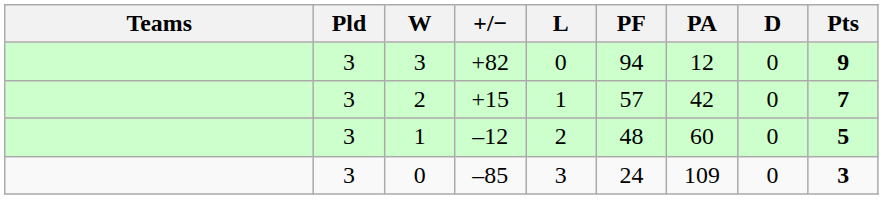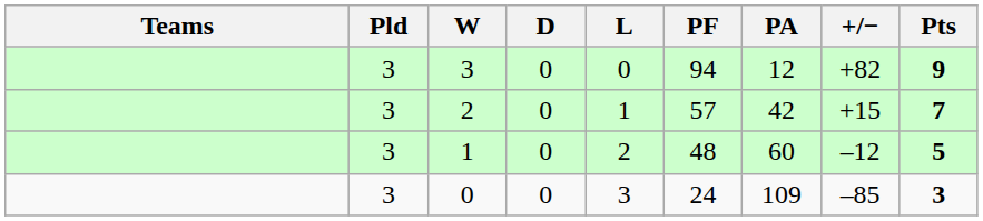 <table class="wikitable" style="text-align: center;">
 <tr>
 <th width="200">Teams</th>
 <th width="40">Pld</th>
 <th width="40">W</th>
-<th width="40">+/−</th>
+<th width="40">D</th>
 <th width="40">L</th>
 <th width="40">PF</th>
 <th width="40">PA</th>
-<th width="40">D</th>
+<th width="40">+/−</th>
 <th width="40">Pts</th>
 </tr>
 <tr style="background:#cfc; width:20px;">
 <td align=left></td>
 <td>3</td>
 <td>3</td>
-<td>+82</td>
+<td>0</td>
 <td>0</td>
 <td>94</td>
 <td>12</td>
-<td>0</td>
+<td>+82</td>
 <td><strong>9</strong></td>
 </tr>
 <tr style="background:#cfc; width:20px;">
 <td align=left></td>
 <td>3</td>
 <td>2</td>
-<td>+15</td>
+<td>0</td>
 <td>1</td>
 <td>57</td>
 <td>42</td>
-<td>0</td>
+<td>+15</td>
 <td><strong>7</strong></td>
 </tr>
 <tr style="background:#cfc; width:20px;">
 <td align=left></td>
 <td>3</td>
 <td>1</td>
-<td>–12</td>
+<td>0</td>
 <td>2</td>
 <td>48</td>
 <td>60</td>
-<td>0</td>
+<td>–12</td>
 <td><strong>5</strong></td>
 </tr>
 <tr>
 <td align=left></td>
 <td>3</td>
 <td>0</td>
-<td>–85</td>
+<td>0</td>
 <td>3</td>
 <td>24</td>
 <td>109</td>
-<td>0</td>
+<td>–85</td>
 <td><strong>3</strong></td>
 </tr>
 </table>
